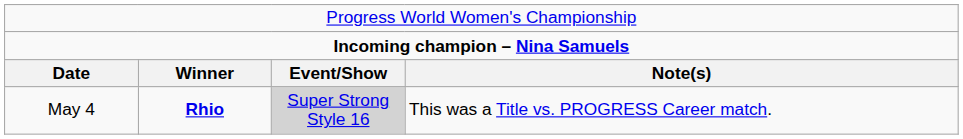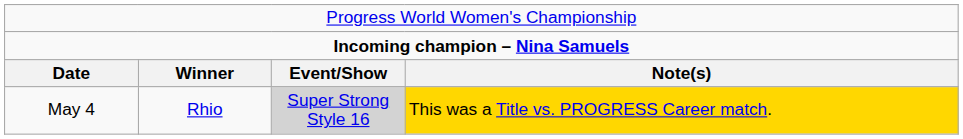 <table class="wikitable" style="text-align:center; width:100%;">
 <tr>
 <td colspan="4" style="text-align: center;"><a href='#'>Progress World Women's Championship</a></td>
 </tr>
 <tr>
 <td colspan="4" style="text-align: center;"><strong>Incoming champion – <a href='#'>Nina Samuels</a></strong></td>
 </tr>
 <tr>
 <th width=14%>Date</th>
 <th width=14%>Winner</th>
 <th width=14%>Event/Show</th>
 <th width=58%>Note(s)</th>
 </tr>
 <tr>
 <td>May 4</td>
-<td><strong><a href='#'>Rhio</a></strong></td>
+<td><a href='#'>Rhio</a></td>
 <td style="background: lightgrey;"><a href='#'>Super Strong Style 16</a></td>
-<td align=left>This was a <a href='#'>Title vs. PROGRESS Career match</a>.</td>
+<td align=left style="background: gold;">This was a <a href='#'>Title vs. PROGRESS Career match</a>.</td>
 </tr>
 </table>
